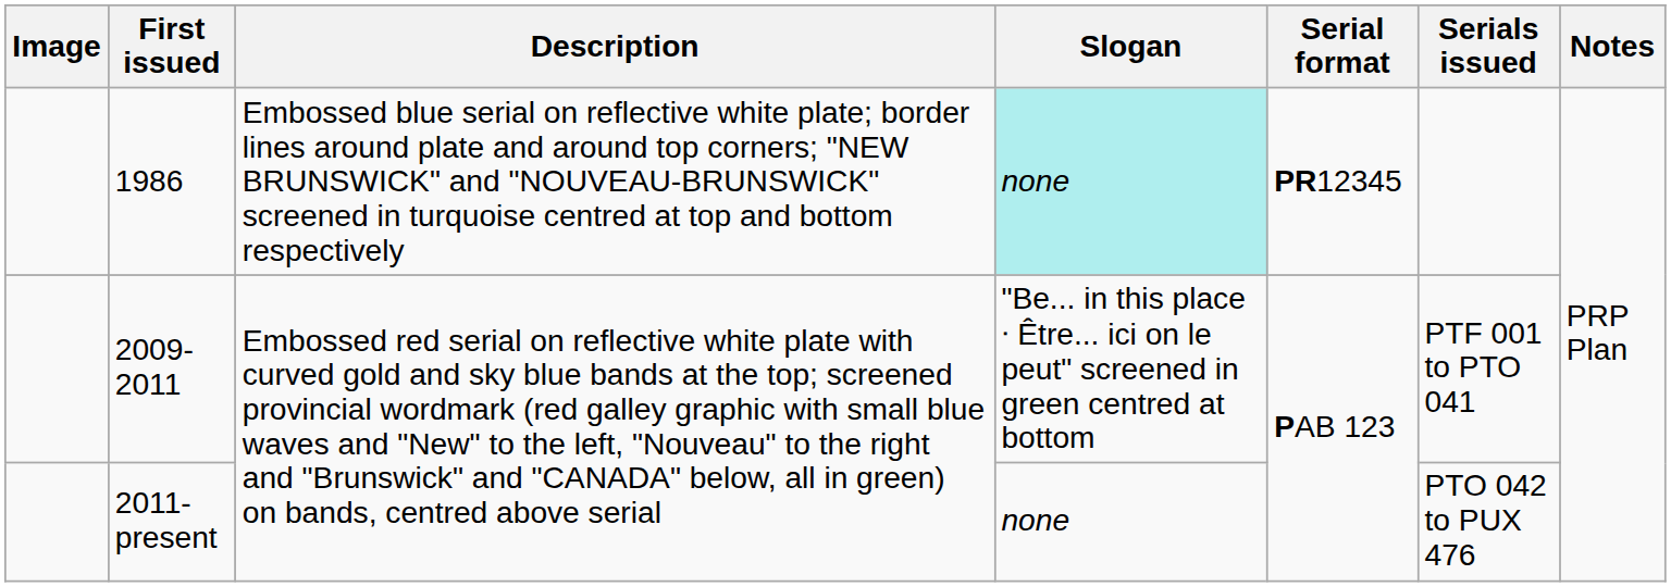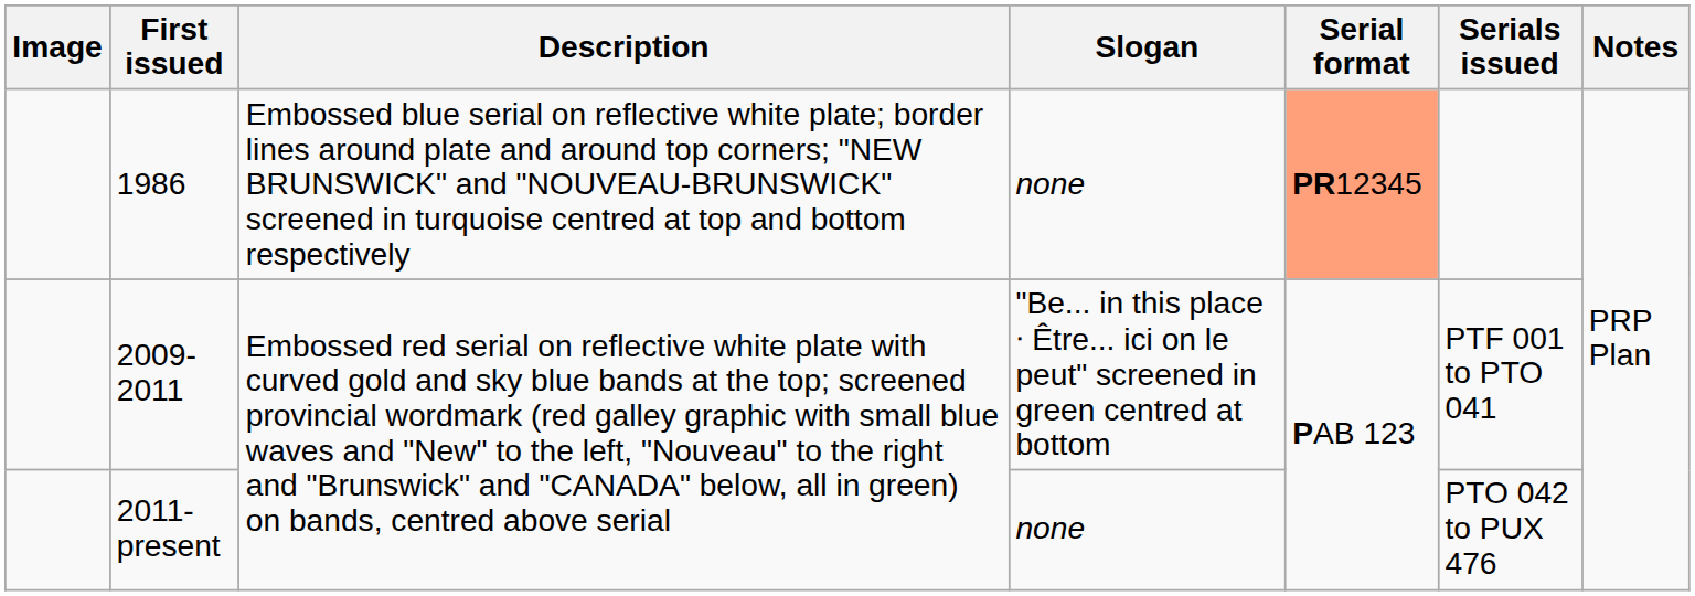 <table class="wikitable">
 <tr>
 <th>Image</th>
 <th>First issued</th>
 <th>Description</th>
 <th>Slogan</th>
 <th>Serial format</th>
 <th>Serials issued</th>
 <th>Notes</th>
 </tr>
 <tr>
 <td></td>
 <td>1986</td>
 <td>Embossed blue serial on reflective white plate; border lines around plate and around top corners; "NEW BRUNSWICK" and "NOUVEAU-BRUNSWICK" screened in turquoise centred at top and bottom respectively</td>
-<td style="background: paleturquoise;"><em>none</em></td>
-<td><strong>PR</strong>12345</td>
+<td><em>none</em></td>
+<td style="background: lightsalmon;"><strong>PR</strong>12345</td>
 <td></td>
 <td rowspan="3">PRP Plan</td>
 </tr>
 <tr>
 <td></td>
 <td>2009-2011</td>
 <td rowspan="2">Embossed red serial on reflective white plate with curved gold and sky blue bands at the top; screened provincial wordmark (red galley graphic with small blue waves and "New" to the left, "Nouveau" to the right and "Brunswick" and "CANADA" below, all in green) on bands, centred above serial</td>
 <td>"Be... in this place  ᐧ  Être... ici on le peut" screened in green centred at bottom</td>
 <td rowspan="2"><strong>P</strong>AB 123</td>
 <td>PTF 001 to PTO 041</td>
 </tr>
 <tr>
 <td></td>
 <td>2011-present</td>
 <td><em>none</em></td>
 <td>PTO 042 to PUX 476 </td>
 </tr>
 </table>
